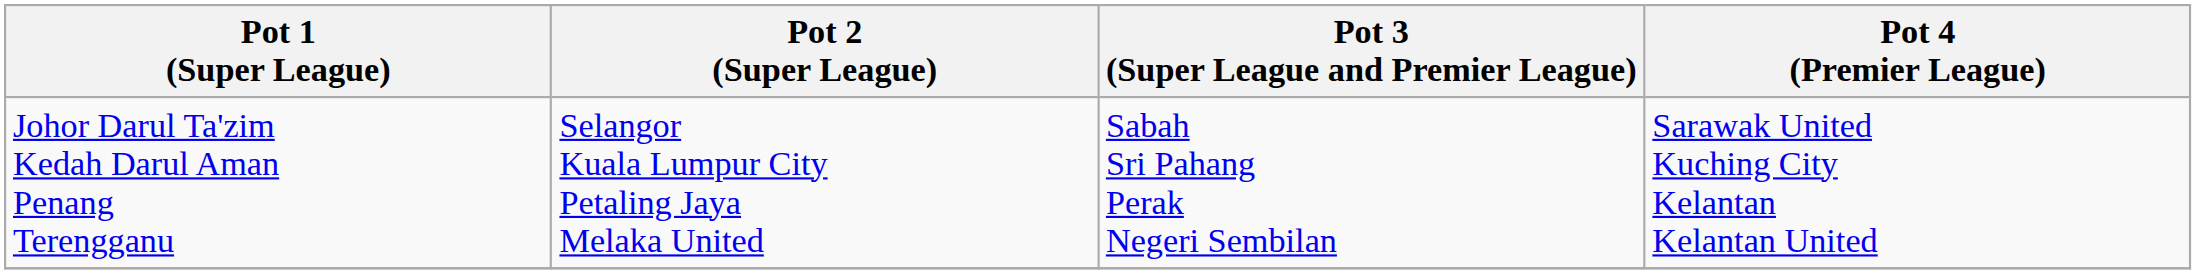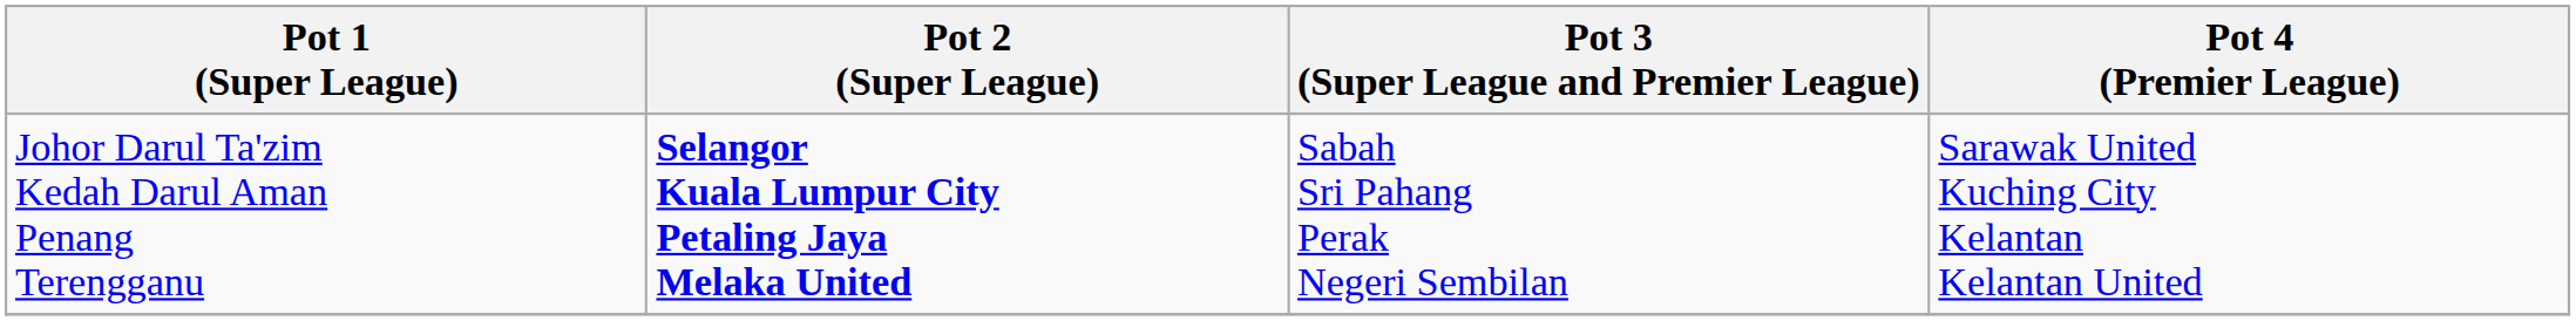 <table class=wikitable>
 <tr>
 <th width=25%>Pot 1 <br> (Super League)</th>
 <th width=25%>Pot 2 <br> (Super League)</th>
 <th width=25%>Pot 3 <br> (Super League and Premier League)</th>
 <th width=25%>Pot 4 <br> (Premier League)</th>
 </tr>
 <tr valign=top>
 <td rowspan=1><a href='#'>Johor Darul Ta'zim</a><br><a href='#'>Kedah Darul Aman</a><br><a href='#'>Penang</a><br><a href='#'>Terengganu</a></td>
-<td rowspan=1><a href='#'>Selangor</a><br><a href='#'>Kuala Lumpur City</a><br><a href='#'>Petaling Jaya</a><br><a href='#'>Melaka United</a></td>
+<td rowspan=1><strong><a href='#'>Selangor</a><br><a href='#'>Kuala Lumpur City</a><br><a href='#'>Petaling Jaya</a><br><a href='#'>Melaka United</a></strong></td>
 <td rowspan=1><a href='#'>Sabah</a><br><a href='#'>Sri Pahang</a><br><a href='#'>Perak</a><br><a href='#'>Negeri Sembilan</a></td>
 <td rowspan=1><a href='#'>Sarawak United</a><br><a href='#'>Kuching City</a><br><a href='#'>Kelantan</a><br><a href='#'>Kelantan United</a></td>
 </tr>
 <tr>
 </tr>
 </table>
